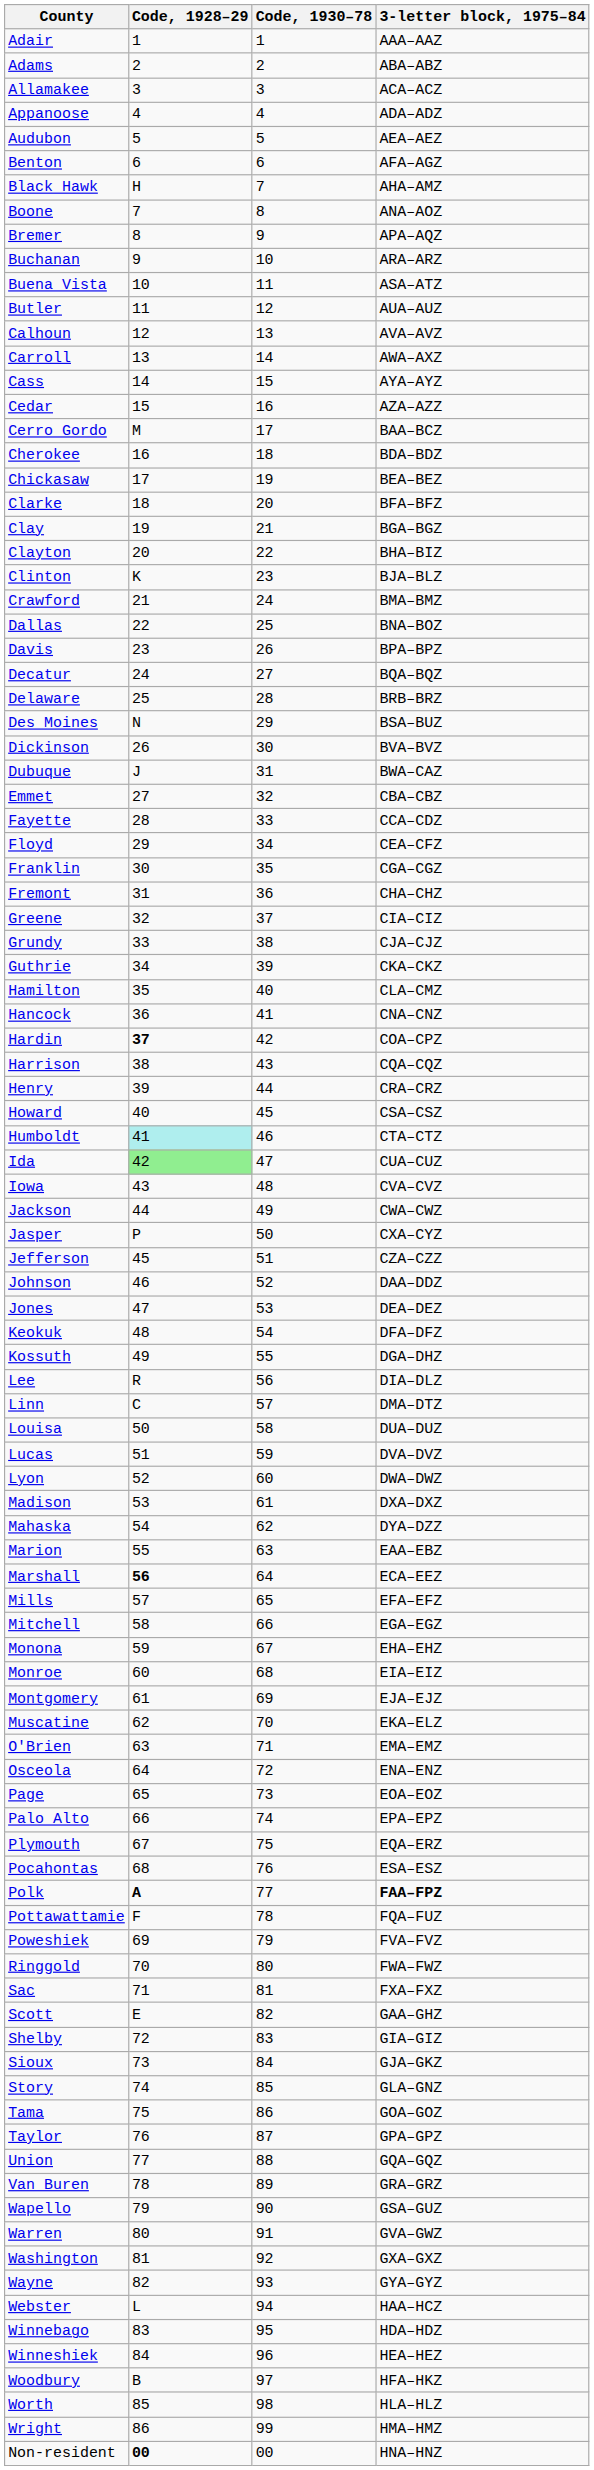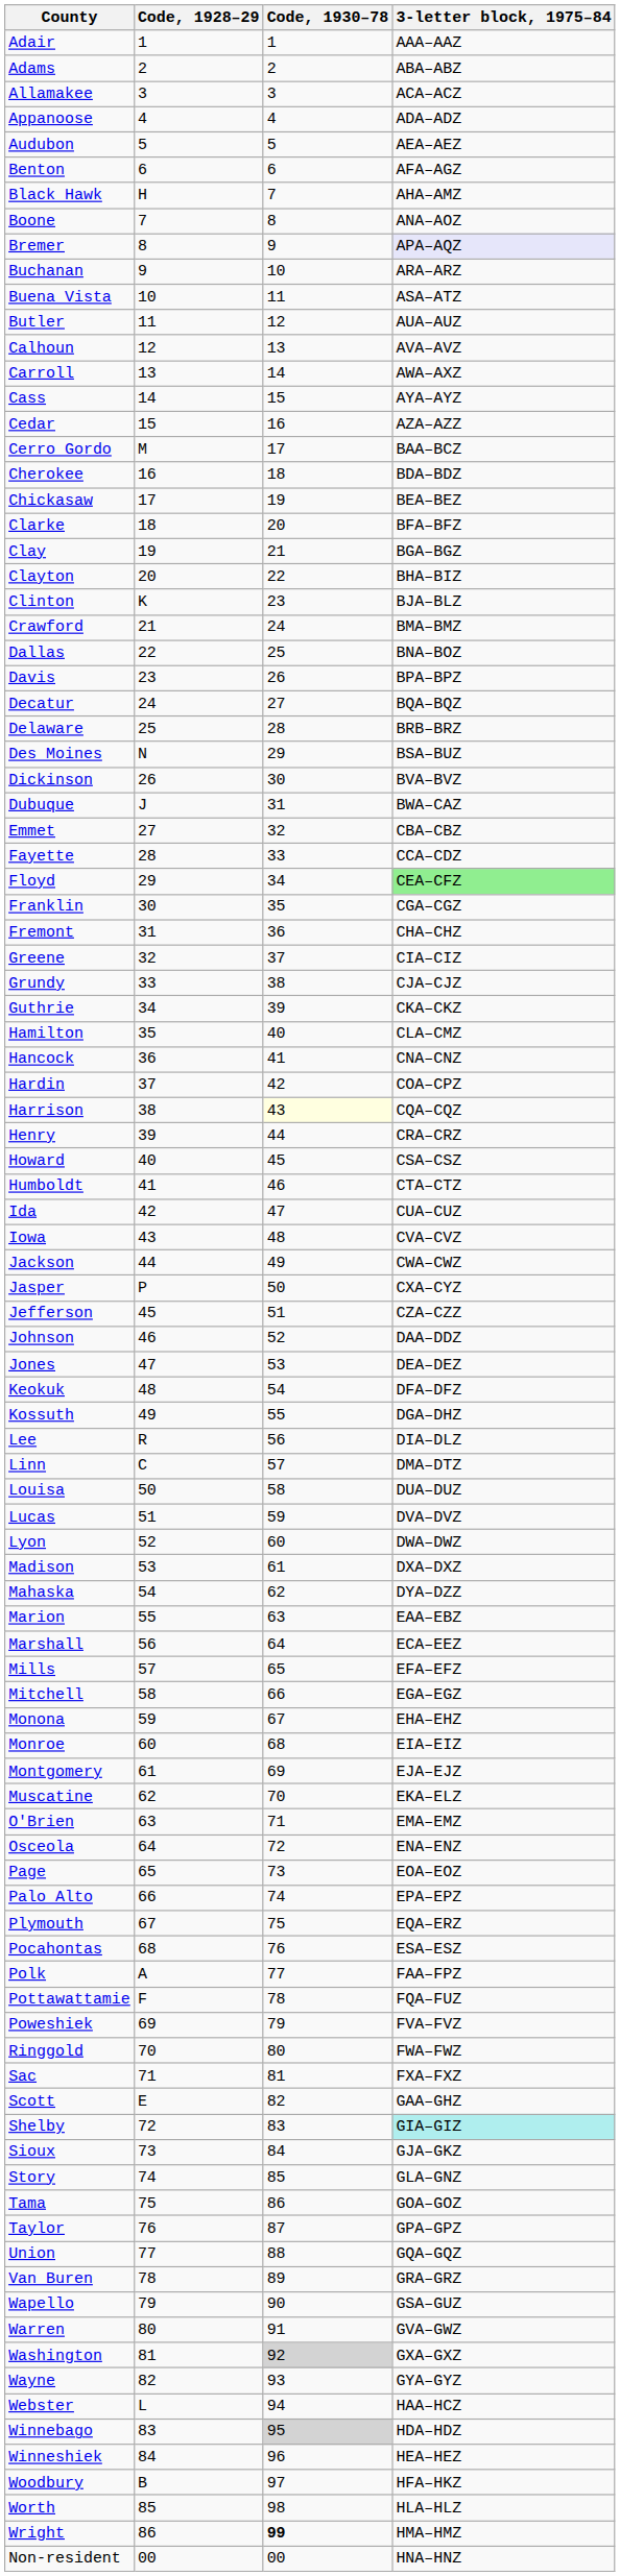 <table class="wikitable collapsible collapsed sortable">
 <tr>
 <th>County</th>
 <th data-sort-type="text">Code, 1928–29</th>
 <th>Code, 1930–78</th>
 <th>3-letter block, 1975–84</th>
 </tr>
 <tr>
 <td><a href='#'>Adair</a></td>
 <td>1</td>
 <td>1</td>
 <td>AAA–AAZ</td>
 </tr>
 <tr>
 <td><a href='#'>Adams</a></td>
 <td>2</td>
 <td>2</td>
 <td>ABA–ABZ</td>
 </tr>
 <tr>
 <td><a href='#'>Allamakee</a></td>
 <td>3</td>
 <td>3</td>
 <td>ACA–ACZ</td>
 </tr>
 <tr>
 <td><a href='#'>Appanoose</a></td>
 <td>4</td>
 <td>4</td>
 <td>ADA–ADZ</td>
 </tr>
 <tr>
 <td><a href='#'>Audubon</a></td>
 <td>5</td>
 <td>5</td>
 <td>AEA–AEZ</td>
 </tr>
 <tr>
 <td><a href='#'>Benton</a></td>
 <td>6</td>
 <td>6</td>
 <td>AFA–AGZ</td>
 </tr>
 <tr>
 <td><a href='#'>Black Hawk</a></td>
 <td>H</td>
 <td>7</td>
 <td>AHA–AMZ</td>
 </tr>
 <tr>
 <td><a href='#'>Boone</a></td>
 <td>7</td>
 <td>8</td>
 <td>ANA–AOZ</td>
 </tr>
 <tr>
 <td><a href='#'>Bremer</a></td>
 <td>8</td>
 <td>9</td>
-<td>APA–AQZ</td>
+<td style="background: lavender;">APA–AQZ</td>
 </tr>
 <tr>
 <td><a href='#'>Buchanan</a></td>
 <td>9</td>
 <td>10</td>
 <td>ARA–ARZ</td>
 </tr>
 <tr>
 <td><a href='#'>Buena Vista</a></td>
 <td>10</td>
 <td>11</td>
 <td>ASA–ATZ</td>
 </tr>
 <tr>
 <td><a href='#'>Butler</a></td>
 <td>11</td>
 <td>12</td>
 <td>AUA–AUZ</td>
 </tr>
 <tr>
 <td><a href='#'>Calhoun</a></td>
 <td>12</td>
 <td>13</td>
 <td>AVA–AVZ</td>
 </tr>
 <tr>
 <td><a href='#'>Carroll</a></td>
 <td>13</td>
 <td>14</td>
 <td>AWA–AXZ</td>
 </tr>
 <tr>
 <td><a href='#'>Cass</a></td>
 <td>14</td>
 <td>15</td>
 <td>AYA–AYZ</td>
 </tr>
 <tr>
 <td><a href='#'>Cedar</a></td>
 <td>15</td>
 <td>16</td>
 <td>AZA–AZZ</td>
 </tr>
 <tr>
 <td><a href='#'>Cerro Gordo</a></td>
 <td>M</td>
 <td>17</td>
 <td>BAA–BCZ</td>
 </tr>
 <tr>
 <td><a href='#'>Cherokee</a></td>
 <td>16</td>
 <td>18</td>
 <td>BDA–BDZ</td>
 </tr>
 <tr>
 <td><a href='#'>Chickasaw</a></td>
 <td>17</td>
 <td>19</td>
 <td>BEA–BEZ</td>
 </tr>
 <tr>
 <td><a href='#'>Clarke</a></td>
 <td>18</td>
 <td>20</td>
 <td>BFA–BFZ</td>
 </tr>
 <tr>
 <td><a href='#'>Clay</a></td>
 <td>19</td>
 <td>21</td>
 <td>BGA–BGZ</td>
 </tr>
 <tr>
 <td><a href='#'>Clayton</a></td>
 <td>20</td>
 <td>22</td>
 <td>BHA–BIZ</td>
 </tr>
 <tr>
 <td><a href='#'>Clinton</a></td>
 <td>K</td>
 <td>23</td>
 <td>BJA–BLZ</td>
 </tr>
 <tr>
 <td><a href='#'>Crawford</a></td>
 <td>21</td>
 <td>24</td>
 <td>BMA–BMZ</td>
 </tr>
 <tr>
 <td><a href='#'>Dallas</a></td>
 <td>22</td>
 <td>25</td>
 <td>BNA–BOZ</td>
 </tr>
 <tr>
 <td><a href='#'>Davis</a></td>
 <td>23</td>
 <td>26</td>
 <td>BPA–BPZ</td>
 </tr>
 <tr>
 <td><a href='#'>Decatur</a></td>
 <td>24</td>
 <td>27</td>
 <td>BQA–BQZ</td>
 </tr>
 <tr>
 <td><a href='#'>Delaware</a></td>
 <td>25</td>
 <td>28</td>
 <td>BRB–BRZ</td>
 </tr>
 <tr>
 <td><a href='#'>Des Moines</a></td>
 <td>N</td>
 <td>29</td>
 <td>BSA–BUZ</td>
 </tr>
 <tr>
 <td><a href='#'>Dickinson</a></td>
 <td>26</td>
 <td>30</td>
 <td>BVA–BVZ</td>
 </tr>
 <tr>
 <td><a href='#'>Dubuque</a></td>
 <td>J</td>
 <td>31</td>
 <td>BWA–CAZ</td>
 </tr>
 <tr>
 <td><a href='#'>Emmet</a></td>
 <td>27</td>
 <td>32</td>
 <td>CBA–CBZ</td>
 </tr>
 <tr>
 <td><a href='#'>Fayette</a></td>
 <td>28</td>
 <td>33</td>
 <td>CCA–CDZ</td>
 </tr>
 <tr>
 <td><a href='#'>Floyd</a></td>
 <td>29</td>
 <td>34</td>
-<td>CEA–CFZ</td>
+<td style="background: lightgreen;">CEA–CFZ</td>
 </tr>
 <tr>
 <td><a href='#'>Franklin</a></td>
 <td>30</td>
 <td>35</td>
 <td>CGA–CGZ</td>
 </tr>
 <tr>
 <td><a href='#'>Fremont</a></td>
 <td>31</td>
 <td>36</td>
 <td>CHA–CHZ</td>
 </tr>
 <tr>
 <td><a href='#'>Greene</a></td>
 <td>32</td>
 <td>37</td>
 <td>CIA–CIZ</td>
 </tr>
 <tr>
 <td><a href='#'>Grundy</a></td>
 <td>33</td>
 <td>38</td>
 <td>CJA–CJZ</td>
 </tr>
 <tr>
 <td><a href='#'>Guthrie</a></td>
 <td>34</td>
 <td>39</td>
 <td>CKA–CKZ</td>
 </tr>
 <tr>
 <td><a href='#'>Hamilton</a></td>
 <td>35</td>
 <td>40</td>
 <td>CLA–CMZ</td>
 </tr>
 <tr>
 <td><a href='#'>Hancock</a></td>
 <td>36</td>
 <td>41</td>
 <td>CNA–CNZ</td>
 </tr>
 <tr>
 <td><a href='#'>Hardin</a></td>
-<td><strong>37</strong></td>
+<td>37</td>
 <td>42</td>
 <td>COA–CPZ</td>
 </tr>
 <tr>
 <td><a href='#'>Harrison</a></td>
 <td>38</td>
-<td>43</td>
+<td style="background: lightyellow;">43</td>
 <td>CQA–CQZ</td>
 </tr>
 <tr>
 <td><a href='#'>Henry</a></td>
 <td>39</td>
 <td>44</td>
 <td>CRA–CRZ</td>
 </tr>
 <tr>
 <td><a href='#'>Howard</a></td>
 <td>40</td>
 <td>45</td>
 <td>CSA–CSZ</td>
 </tr>
 <tr>
 <td><a href='#'>Humboldt</a></td>
-<td style="background: paleturquoise;">41</td>
+<td>41</td>
 <td>46</td>
 <td>CTA–CTZ</td>
 </tr>
 <tr>
 <td><a href='#'>Ida</a></td>
-<td style="background: lightgreen;">42</td>
+<td>42</td>
 <td>47</td>
 <td>CUA–CUZ</td>
 </tr>
 <tr>
 <td><a href='#'>Iowa</a></td>
 <td>43</td>
 <td>48</td>
 <td>CVA–CVZ</td>
 </tr>
 <tr>
 <td><a href='#'>Jackson</a></td>
 <td>44</td>
 <td>49</td>
 <td>CWA–CWZ</td>
 </tr>
 <tr>
 <td><a href='#'>Jasper</a></td>
 <td>P</td>
 <td>50</td>
 <td>CXA–CYZ</td>
 </tr>
 <tr>
 <td><a href='#'>Jefferson</a></td>
 <td>45</td>
 <td>51</td>
 <td>CZA–CZZ</td>
 </tr>
 <tr>
 <td><a href='#'>Johnson</a></td>
 <td>46</td>
 <td>52</td>
 <td>DAA–DDZ</td>
 </tr>
 <tr>
 <td><a href='#'>Jones</a></td>
 <td>47</td>
 <td>53</td>
 <td>DEA–DEZ</td>
 </tr>
 <tr>
 <td><a href='#'>Keokuk</a></td>
 <td>48</td>
 <td>54</td>
 <td>DFA–DFZ</td>
 </tr>
 <tr>
 <td><a href='#'>Kossuth</a></td>
 <td>49</td>
 <td>55</td>
 <td>DGA–DHZ</td>
 </tr>
 <tr>
 <td><a href='#'>Lee</a></td>
 <td>R</td>
 <td>56</td>
 <td>DIA–DLZ</td>
 </tr>
 <tr>
 <td><a href='#'>Linn</a></td>
 <td>C</td>
 <td>57</td>
 <td>DMA–DTZ</td>
 </tr>
 <tr>
 <td><a href='#'>Louisa</a></td>
 <td>50</td>
 <td>58</td>
 <td>DUA–DUZ</td>
 </tr>
 <tr>
 <td><a href='#'>Lucas</a></td>
 <td>51</td>
 <td>59</td>
 <td>DVA–DVZ</td>
 </tr>
 <tr>
 <td><a href='#'>Lyon</a></td>
 <td>52</td>
 <td>60</td>
 <td>DWA–DWZ</td>
 </tr>
 <tr>
 <td><a href='#'>Madison</a></td>
 <td>53</td>
 <td>61</td>
 <td>DXA–DXZ</td>
 </tr>
 <tr>
 <td><a href='#'>Mahaska</a></td>
 <td>54</td>
 <td>62</td>
 <td>DYA–DZZ</td>
 </tr>
 <tr>
 <td><a href='#'>Marion</a></td>
 <td>55</td>
 <td>63</td>
 <td>EAA–EBZ</td>
 </tr>
 <tr>
 <td><a href='#'>Marshall</a></td>
-<td><strong>56</strong></td>
+<td>56</td>
 <td>64</td>
 <td>ECA–EEZ</td>
 </tr>
 <tr>
 <td><a href='#'>Mills</a></td>
 <td>57</td>
 <td>65</td>
 <td>EFA–EFZ</td>
 </tr>
 <tr>
 <td><a href='#'>Mitchell</a></td>
 <td>58</td>
 <td>66</td>
 <td>EGA–EGZ</td>
 </tr>
 <tr>
 <td><a href='#'>Monona</a></td>
 <td>59</td>
 <td>67</td>
 <td>EHA–EHZ</td>
 </tr>
 <tr>
 <td><a href='#'>Monroe</a></td>
 <td>60</td>
 <td>68</td>
 <td>EIA–EIZ</td>
 </tr>
 <tr>
 <td><a href='#'>Montgomery</a></td>
 <td>61</td>
 <td>69</td>
 <td>EJA–EJZ</td>
 </tr>
 <tr>
 <td><a href='#'>Muscatine</a></td>
 <td>62</td>
 <td>70</td>
 <td>EKA–ELZ</td>
 </tr>
 <tr>
 <td><a href='#'>O'Brien</a></td>
 <td>63</td>
 <td>71</td>
 <td>EMA–EMZ</td>
 </tr>
 <tr>
 <td><a href='#'>Osceola</a></td>
 <td>64</td>
 <td>72</td>
 <td>ENA–ENZ</td>
 </tr>
 <tr>
 <td><a href='#'>Page</a></td>
 <td>65</td>
 <td>73</td>
 <td>EOA–EOZ</td>
 </tr>
 <tr>
 <td><a href='#'>Palo Alto</a></td>
 <td>66</td>
 <td>74</td>
 <td>EPA–EPZ</td>
 </tr>
 <tr>
 <td><a href='#'>Plymouth</a></td>
 <td>67</td>
 <td>75</td>
 <td>EQA–ERZ</td>
 </tr>
 <tr>
 <td><a href='#'>Pocahontas</a></td>
 <td>68</td>
 <td>76</td>
 <td>ESA–ESZ</td>
 </tr>
 <tr>
 <td><a href='#'>Polk</a></td>
-<td><strong>A</strong></td>
+<td>A</td>
 <td>77</td>
-<td><strong>FAA–FPZ</strong></td>
+<td>FAA–FPZ</td>
 </tr>
 <tr>
 <td><a href='#'>Pottawattamie</a></td>
 <td>F</td>
 <td>78</td>
 <td>FQA–FUZ</td>
 </tr>
 <tr>
 <td><a href='#'>Poweshiek</a></td>
 <td>69</td>
 <td>79</td>
 <td>FVA–FVZ</td>
 </tr>
 <tr>
 <td><a href='#'>Ringgold</a></td>
 <td>70</td>
 <td>80</td>
 <td>FWA–FWZ</td>
 </tr>
 <tr>
 <td><a href='#'>Sac</a></td>
 <td>71</td>
 <td>81</td>
 <td>FXA–FXZ</td>
 </tr>
 <tr>
 <td><a href='#'>Scott</a></td>
 <td>E</td>
 <td>82</td>
 <td>GAA–GHZ</td>
 </tr>
 <tr>
 <td><a href='#'>Shelby</a></td>
 <td>72</td>
 <td>83</td>
-<td>GIA–GIZ</td>
+<td style="background: paleturquoise;">GIA–GIZ</td>
 </tr>
 <tr>
 <td><a href='#'>Sioux</a></td>
 <td>73</td>
 <td>84</td>
 <td>GJA–GKZ</td>
 </tr>
 <tr>
 <td><a href='#'>Story</a></td>
 <td>74</td>
 <td>85</td>
 <td>GLA–GNZ</td>
 </tr>
 <tr>
 <td><a href='#'>Tama</a></td>
 <td>75</td>
 <td>86</td>
 <td>GOA–GOZ</td>
 </tr>
 <tr>
 <td><a href='#'>Taylor</a></td>
 <td>76</td>
 <td>87</td>
 <td>GPA–GPZ</td>
 </tr>
 <tr>
 <td><a href='#'>Union</a></td>
 <td>77</td>
 <td>88</td>
 <td>GQA–GQZ</td>
 </tr>
 <tr>
 <td><a href='#'>Van Buren</a></td>
 <td>78</td>
 <td>89</td>
 <td>GRA–GRZ</td>
 </tr>
 <tr>
 <td><a href='#'>Wapello</a></td>
 <td>79</td>
 <td>90</td>
 <td>GSA–GUZ</td>
 </tr>
 <tr>
 <td><a href='#'>Warren</a></td>
 <td>80</td>
 <td>91</td>
 <td>GVA–GWZ</td>
 </tr>
 <tr>
 <td><a href='#'>Washington</a></td>
 <td>81</td>
-<td>92</td>
+<td style="background: lightgrey;">92</td>
 <td>GXA–GXZ</td>
 </tr>
 <tr>
 <td><a href='#'>Wayne</a></td>
 <td>82</td>
 <td>93</td>
 <td>GYA–GYZ</td>
 </tr>
 <tr>
 <td><a href='#'>Webster</a></td>
 <td>L</td>
 <td>94</td>
 <td>HAA–HCZ</td>
 </tr>
 <tr>
 <td><a href='#'>Winnebago</a></td>
 <td>83</td>
-<td>95</td>
+<td style="background: lightgrey;">95</td>
 <td>HDA–HDZ</td>
 </tr>
 <tr>
 <td><a href='#'>Winneshiek</a></td>
 <td>84</td>
 <td>96</td>
 <td>HEA–HEZ</td>
 </tr>
 <tr>
 <td><a href='#'>Woodbury</a></td>
 <td>B</td>
 <td>97</td>
 <td>HFA–HKZ</td>
 </tr>
 <tr>
 <td><a href='#'>Worth</a></td>
 <td>85</td>
 <td>98</td>
 <td>HLA–HLZ</td>
 </tr>
 <tr>
 <td><a href='#'>Wright</a></td>
 <td>86</td>
-<td>99</td>
+<td><strong>99</strong></td>
 <td>HMA–HMZ</td>
 </tr>
 <tr>
 <td>Non-resident</td>
-<td><strong>00</strong></td>
+<td>00</td>
 <td>00</td>
 <td>HNA–HNZ</td>
 </tr>
 </table>
